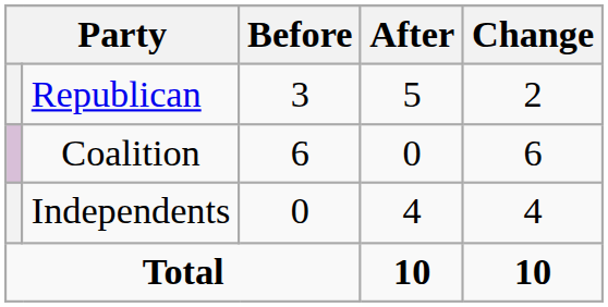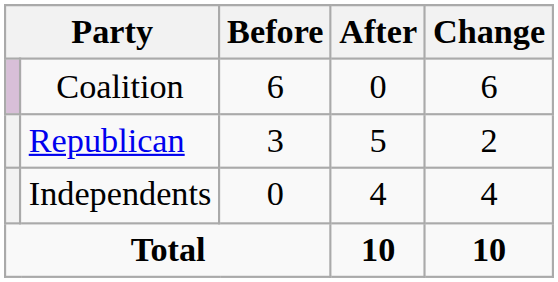 <table class="wikitable" style="text-align:center;">
 <tr>
 </tr>
 <tr>
 <th colspan=2>Party</th>
 <th>Before</th>
 <th>After</th>
 <th>Change</th>
 </tr>
 <tr>
+<th style="background:thistle;"></th>
+<td>Coalition</td>
+<td>6</td>
+<td>0</td>
+<td> 6</td>
+</tr>
+<tr>
 <th style="background-color:"></th>
 <td style="text-align:left;"><a href='#'>Republican</a></td>
 <td>3</td>
 <td>5</td>
 <td> 2</td>
-</tr>
-<tr>
-<th style="background:thistle;"></th>
-<td>Coalition</td>
-<td>6</td>
-<td>0</td>
-<td> 6</td>
 </tr>
 <tr>
 <th style="background-color:"></th>
 <td style="text-align:left;">Independents</td>
 <td>0</td>
 <td>4</td>
 <td> 4</td>
 </tr>
 <tr>
 <td colspan=3><strong>Total</strong></td>
 <td><strong>10</strong></td>
 <td><strong>10</strong></td>
 </tr>
 </table>
